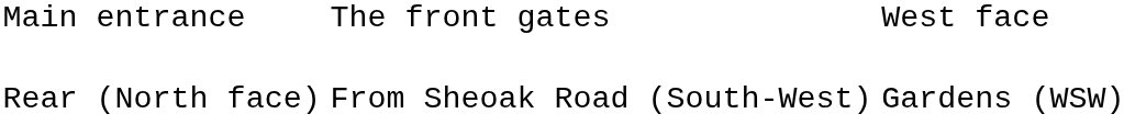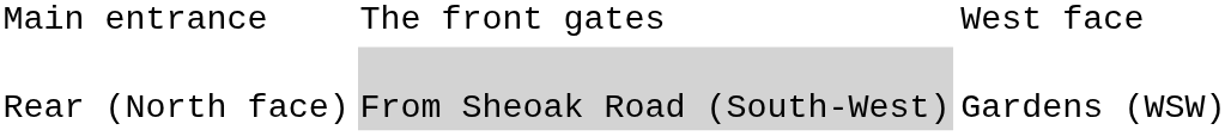 <table>
 <tr valign=bottom>
 <td><br> Main entrance</td>
 <td><br> The front gates</td>
 <td><br> West face</td>
 </tr>
 <tr valign=bottom>
 <td><br> Rear (North face)</td>
-<td><br> From Sheoak Road (South-West)</td>
+<td style="background: lightgrey;"><br> From Sheoak Road (South-West)</td>
 <td><br> Gardens (WSW)</td>
 </tr>
 </table>
